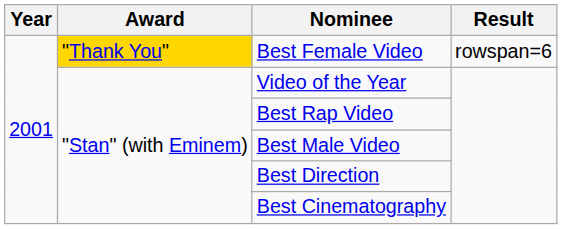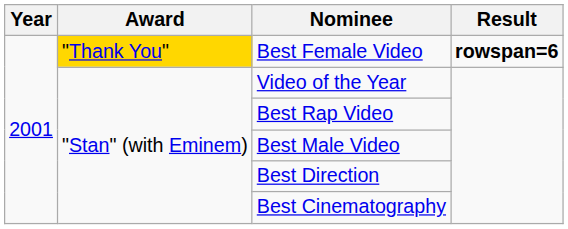 <table class="wikitable sortable">
 <tr>
 <th>Year</th>
 <th>Award</th>
 <th>Nominee</th>
 <th>Result</th>
 </tr>
 <tr>
 <td rowspan=6><a href='#'>2001</a></td>
 <td style="background: gold;">"<a href='#'>Thank You</a>"</td>
 <td><a href='#'>Best Female Video</a></td>
-<td>rowspan=6 </td>
+<td><strong>rowspan=6 </strong></td>
 </tr>
 <tr>
 <td rowspan=5>"<a href='#'>Stan</a>" (with <a href='#'>Eminem</a>)</td>
 <td><a href='#'>Video of the Year</a></td>
 </tr>
 <tr>
 <td><a href='#'>Best Rap Video</a></td>
 </tr>
 <tr>
 <td><a href='#'>Best Male Video</a></td>
 </tr>
 <tr>
 <td><a href='#'>Best Direction</a></td>
 </tr>
 <tr>
 <td><a href='#'>Best Cinematography</a></td>
 </tr>
 </table>
